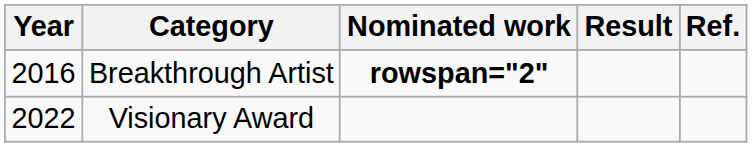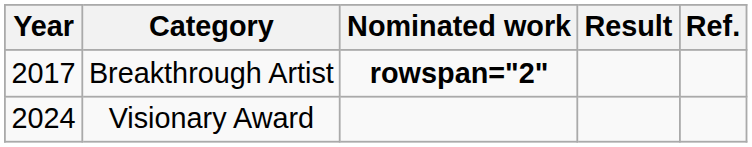 <table class="wikitable" style="text-align:center;">
 <tr>
 <th>Year</th>
 <th>Category</th>
 <th>Nominated work</th>
 <th>Result</th>
 <th>Ref.</th>
 </tr>
 <tr>
-<td>2016</td>
+<td>2017</td>
 <td>Breakthrough Artist</td>
 <td><strong>rowspan="2" </strong></td>
 <td></td>
 <td></td>
 </tr>
 <tr>
-<td>2022</td>
+<td>2024</td>
 <td>Visionary Award</td>
 <td></td>
 <td></td>
 </tr>
 </table>
